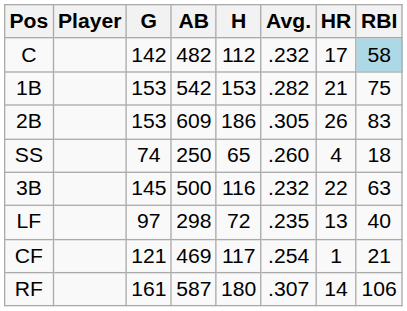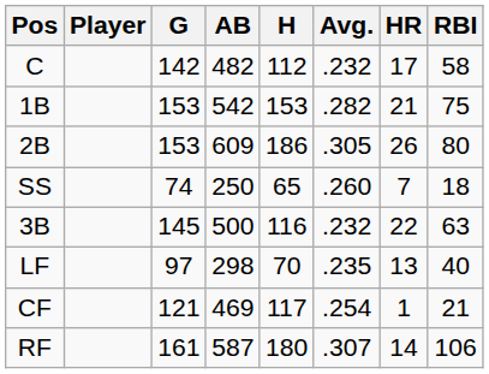 <table class="wikitable sortable" style="text-align:center">
 <tr>
 <th>Pos</th>
 <th>Player</th>
 <th>G</th>
 <th>AB</th>
 <th>H</th>
 <th>Avg.</th>
 <th>HR</th>
 <th>RBI</th>
 </tr>
 <tr>
 <td>C</td>
 <td></td>
 <td>142</td>
 <td>482</td>
 <td>112</td>
 <td>.232</td>
 <td>17</td>
-<td style="background: lightblue;">58</td>
+<td>58</td>
 </tr>
 <tr>
 <td>1B</td>
 <td></td>
 <td>153</td>
 <td>542</td>
 <td>153</td>
 <td>.282</td>
 <td>21</td>
 <td>75</td>
 </tr>
 <tr>
 <td>2B</td>
 <td></td>
 <td>153</td>
 <td>609</td>
 <td>186</td>
 <td>.305</td>
 <td>26</td>
-<td>83</td>
+<td>80</td>
 </tr>
 <tr>
 <td>SS</td>
 <td></td>
 <td>74</td>
 <td>250</td>
 <td>65</td>
 <td>.260</td>
-<td>4</td>
+<td>7</td>
 <td>18</td>
 </tr>
 <tr>
 <td>3B</td>
 <td></td>
 <td>145</td>
 <td>500</td>
 <td>116</td>
 <td>.232</td>
 <td>22</td>
 <td>63</td>
 </tr>
 <tr>
 <td>LF</td>
 <td></td>
 <td>97</td>
 <td>298</td>
-<td>72</td>
+<td>70</td>
 <td>.235</td>
 <td>13</td>
 <td>40</td>
 </tr>
 <tr>
 <td>CF</td>
 <td></td>
 <td>121</td>
 <td>469</td>
 <td>117</td>
 <td>.254</td>
 <td>1</td>
 <td>21</td>
 </tr>
 <tr>
 <td>RF</td>
 <td></td>
 <td>161</td>
 <td>587</td>
 <td>180</td>
 <td>.307</td>
 <td>14</td>
 <td>106</td>
 </tr>
 </table>
